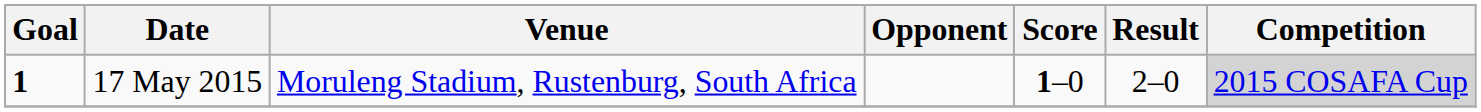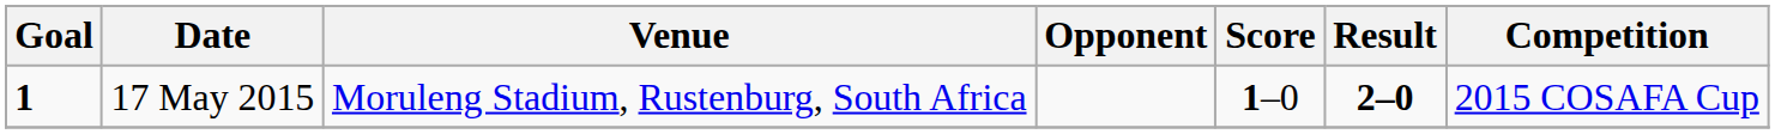 <table class="wikitable plainrowheaders sortable">
 <tr>
 <th>Goal</th>
 <th>Date</th>
 <th>Venue</th>
 <th>Opponent</th>
 <th>Score</th>
 <th>Result</th>
 <th>Competition</th>
 </tr>
 <tr>
 <td><strong>1</strong></td>
 <td>17 May 2015</td>
 <td><a href='#'>Moruleng Stadium</a>, <a href='#'>Rustenburg</a>, <a href='#'>South Africa</a></td>
 <td></td>
 <td align=center><strong>1</strong>–0</td>
-<td align=center>2–0</td>
-<td style="background: lightgrey;"><a href='#'>2015 COSAFA Cup</a></td>
+<td align=center><strong>2–0</strong></td>
+<td><a href='#'>2015 COSAFA Cup</a></td>
 </tr>
 <tr>
 </tr>
 </table>
